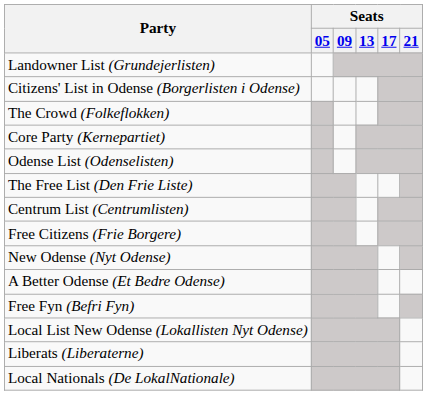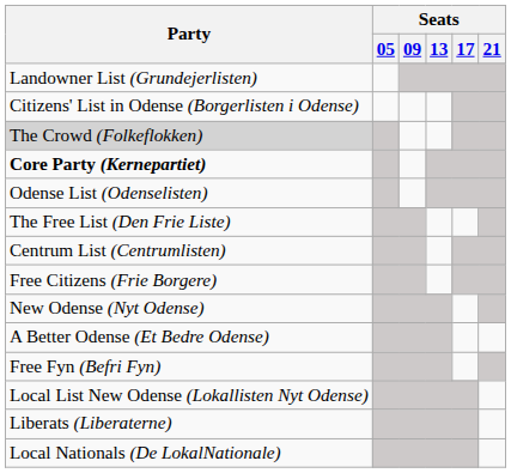 <table class="wikitable">
 <tr>
 <th rowspan=2>Party</th>
 <th colspan=11>Seats</th>
 </tr>
 <tr>
 <th><a href='#'>05</a></th>
 <th><a href='#'>09</a></th>
 <th><a href='#'>13</a></th>
 <th><a href='#'>17</a></th>
 <th><a href='#'>21</a></th>
 </tr>
 <tr>
 <td>Landowner List <em>(Grundejerlisten)</em></td>
 <td></td>
 <td style="background:#CDC9C9;" colspan=4></td>
 </tr>
 <tr>
 <td>Citizens' List in Odense <em>(Borgerlisten i Odense)</em></td>
 <td></td>
 <td></td>
 <td></td>
 <td style="background:#CDC9C9;" colspan=2></td>
 </tr>
 <tr>
-<td>The Crowd <em>(Folkeflokken)</em></td>
+<td style="background: lightgrey;">The Crowd <em>(Folkeflokken)</em></td>
 <td style="background:#CDC9C9;"></td>
 <td></td>
 <td></td>
 <td style="background:#CDC9C9;" colspan=2></td>
 </tr>
 <tr>
-<td>Core Party <em>(Kernepartiet)</em></td>
+<td><strong>Core Party <em>(Kernepartiet)</em></strong></td>
 <td style="background:#CDC9C9;"></td>
 <td></td>
 <td style="background:#CDC9C9;" colspan=3></td>
 </tr>
 <tr>
 <td>Odense List <em>(Odenselisten)</em></td>
 <td style="background:#CDC9C9;"></td>
 <td></td>
 <td style="background:#CDC9C9;" colspan=3></td>
 </tr>
 <tr>
 <td>The Free List <em>(Den Frie Liste)</em></td>
 <td style="background:#CDC9C9;" colspan=2></td>
 <td></td>
 <td></td>
 <td style="background:#CDC9C9;"></td>
 </tr>
 <tr>
 <td>Centrum List <em>(Centrumlisten)</em></td>
 <td style="background:#CDC9C9;" colspan=2></td>
 <td></td>
 <td style="background:#CDC9C9;" colspan=2></td>
 </tr>
 <tr>
 <td>Free Citizens <em>(Frie Borgere)</em></td>
 <td style="background:#CDC9C9;" colspan=2></td>
 <td></td>
 <td style="background:#CDC9C9;" colspan=2></td>
 </tr>
 <tr>
 <td>New Odense <em>(Nyt Odense)</em></td>
 <td style="background:#CDC9C9;" colspan=3></td>
 <td></td>
 <td style="background:#CDC9C9;"></td>
 </tr>
 <tr>
 <td>A Better Odense <em>(Et Bedre Odense)</em></td>
 <td style="background:#CDC9C9;" colspan=3></td>
 <td></td>
 <td></td>
 </tr>
 <tr>
 <td>Free Fyn <em>(Befri Fyn)</em></td>
 <td style="background:#CDC9C9;" colspan=3></td>
 <td></td>
 <td style="background:#CDC9C9;"></td>
 </tr>
 <tr>
 <td>Local List New Odense <em>(Lokallisten Nyt Odense)</em></td>
 <td style="background:#CDC9C9;" colspan=4></td>
 <td></td>
 </tr>
 <tr>
 <td>Liberats <em>(Liberaterne)</em></td>
 <td style="background:#CDC9C9;" colspan=4></td>
 <td></td>
 </tr>
 <tr>
 <td>Local Nationals <em>(De LokalNationale)</em></td>
 <td style="background:#CDC9C9;" colspan=4></td>
 <td></td>
 </tr>
 </table>
